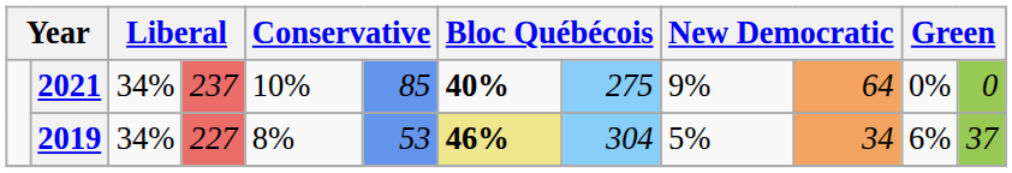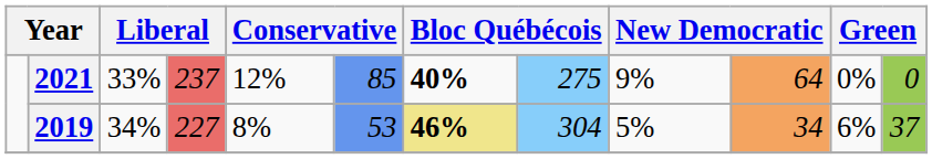 <table class="wikitable" style="float:right; width:400; font-size:90%; margin-left:1em;">
 <tr>
 <th colspan="2" scope="col">Year</th>
 <th colspan="2" scope="col"><a href='#'>Liberal</a></th>
 <th colspan="2" scope="col"><a href='#'>Conservative</a></th>
 <th colspan="2" scope="col"><a href='#'>Bloc Québécois</a></th>
 <th colspan="2" scope="col"><a href='#'>New Democratic</a></th>
 <th colspan="2" scope="col"><a href='#'>Green</a></th>
 </tr>
 <tr>
 <td rowspan="2" style="width: 0.25em; background-color: "></td>
 <th><a href='#'>2021</a></th>
-<td>34%</td>
+<td>33%</td>
 <td style="text-align:right; background:#EA6D6A;"><em>237</em></td>
-<td>10%</td>
+<td>12%</td>
 <td style="text-align:right; background:#6495ED;"><em>85</em></td>
 <td><strong>40%</strong></td>
 <td style="text-align:right; background:#87CEFA;"><em>275</em></td>
 <td>9%</td>
 <td style="text-align:right; background:#F4A460;"><em>64</em></td>
 <td>0%</td>
 <td style="text-align:right; background:#99C955;"><em>0</em></td>
 </tr>
 <tr>
 <th><a href='#'>2019</a></th>
 <td>34%</td>
 <td style="text-align:right; background:#EA6D6A;"><em>227</em></td>
 <td>8%</td>
 <td style="text-align:right; background:#6495ED;"><em>53</em></td>
 <td style="background: khaki;"><strong>46%</strong></td>
 <td style="text-align:right; background:#87CEFA;"><em>304</em></td>
 <td>5%</td>
 <td style="text-align:right; background:#F4A460;"><em>34</em></td>
 <td>6%</td>
 <td style="text-align:right; background:#99C955;"><em>37</em></td>
 </tr>
 <tr>
 </tr>
 </table>
